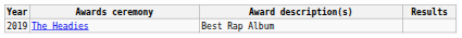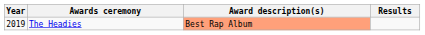 <table class="wikitable">
 <tr>
 <th>Year</th>
 <th style="width:250px;">Awards ceremony</th>
 <th style="width:300px;">Award description(s)</th>
 <th style="width:75px;">Results</th>
 </tr>
 <tr>
 <td rowspan="2">2019</td>
 <td rowspan="2"><a href='#'>The Headies</a></td>
-<td>Best Rap Album</td>
+<td style="background: lightsalmon;">Best Rap Album</td>
 <td></td>
 </tr>
 </table>
